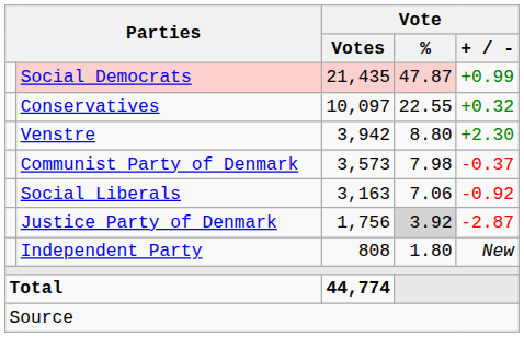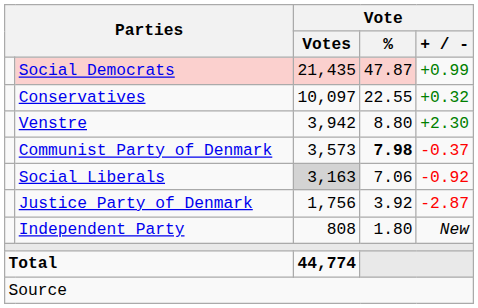 <table class="wikitable" style="text-align:right;">
 <tr>
 <th style="text-align:centre;" rowspan="2" colspan="2" width="225">Parties</th>
 <th colspan="3">Vote</th>
 </tr>
 <tr>
 <th width="15">Votes</th>
 <th width="15">%</th>
 <th width="15">+ / -</th>
 </tr>
 <tr>
 <td width="2" style="color:inherit;background:"></td>
 <td bgcolor=#fbd0ce  align="left"><a href='#'>Social Democrats</a></td>
 <td bgcolor=#fbd0ce>21,435</td>
 <td bgcolor=#fbd0ce>47.87</td>
 <td style=color:green;>+0.99</td>
 </tr>
 <tr>
 <td width="2" style="color:inherit;background:"></td>
 <td align="left"><a href='#'>Conservatives</a></td>
 <td>10,097</td>
 <td>22.55</td>
 <td style=color:green;>+0.32</td>
 </tr>
 <tr>
 <td width="2" style="color:inherit;background:"></td>
 <td align="left"><a href='#'>Venstre</a></td>
 <td>3,942</td>
 <td>8.80</td>
 <td style=color:green;>+2.30</td>
 </tr>
 <tr>
 <td width="2" style="color:inherit;background:"></td>
 <td align="left"><a href='#'>Communist Party of Denmark</a></td>
 <td>3,573</td>
-<td>7.98</td>
+<td><strong>7.98</strong></td>
 <td style=color:red;>-0.37</td>
 </tr>
 <tr>
 <td width="2" style="color:inherit;background:"></td>
 <td align="left"><a href='#'>Social Liberals</a></td>
-<td>3,163</td>
+<td style="background: lightgrey;">3,163</td>
 <td>7.06</td>
 <td style=color:red;>-0.92</td>
 </tr>
 <tr>
 <td width="2" style="color:inherit;background:"></td>
 <td align="left"><a href='#'>Justice Party of Denmark</a></td>
 <td>1,756</td>
-<td style="background: lightgrey;">3.92</td>
+<td>3.92</td>
 <td style=color:red;>-2.87</td>
 </tr>
 <tr>
 <td width="2" style="color:inherit;background:"></td>
 <td align="left"><a href='#'>Independent Party</a></td>
 <td>808</td>
 <td>1.80</td>
 <td><em>New</em></td>
 </tr>
 <tr>
 <td colspan="7" bgcolor="#E9E9E9"></td>
 </tr>
 <tr>
 <td align="left" colspan="2"><strong>Total</strong></td>
 <td><strong>44,774</strong></td>
 <td bgcolor="#E9E9E9" colspan="2"></td>
 </tr>
 <tr>
 <td align="left" colspan="6">Source</td>
 </tr>
 </table>
